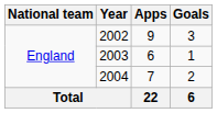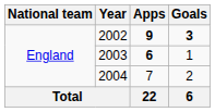 <table class=wikitable style=text-align:center>
 <tr>
 <th>National team</th>
 <th>Year</th>
 <th>Apps</th>
 <th>Goals</th>
 </tr>
 <tr>
 <td rowspan="3"><a href='#'>England</a></td>
 <td>2002</td>
-<td>9</td>
-<td>3</td>
+<td><strong>9</strong></td>
+<td><strong>3</strong></td>
 </tr>
 <tr>
 <td>2003</td>
-<td>6</td>
+<td><strong>6</strong></td>
 <td>1</td>
 </tr>
 <tr>
 <td>2004</td>
 <td>7</td>
 <td>2</td>
 </tr>
 <tr>
 <th colspan="2">Total</th>
 <th>22</th>
 <th>6</th>
 </tr>
 </table>
